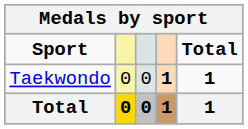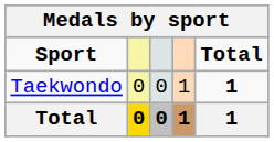 <table class="wikitable" style=font-size:85%;float:center;text-align:center>
 <tr style="background:#efefef;">
 <th colspan=5><strong>Medals by sport</strong></th>
 </tr>
 <tr align=center>
 <td><strong>Sport</strong></td>
 <td bgcolor=#f7f6a8></td>
 <td bgcolor=#dce5e5></td>
 <td bgcolor=#ffdab9></td>
 <td><strong>Total</strong></td>
 </tr>
 <tr align=center>
 <td><a href='#'>Taekwondo</a></td>
 <td style="background:#F7F6A8;">0</td>
 <td style="background:#DCE5E5;">0</td>
-<td style="background:#FFDAB9;"><strong>1</strong></td>
+<td style="background:#FFDAB9;">1</td>
 <td><strong>1</strong></td>
 </tr>
 <tr align=center>
 <th><strong>Total</strong></th>
 <th style="background:gold;"><strong>0</strong></th>
 <th style="background:silver;"><strong>0</strong></th>
 <th style="background:#c96;"><strong>1</strong></th>
 <th><strong>1</strong></th>
 </tr>
 </table>
